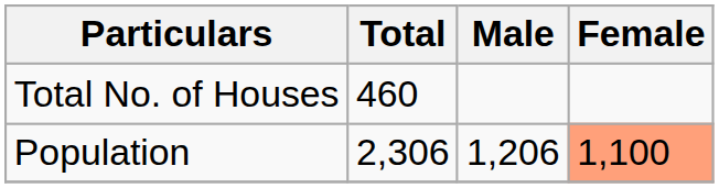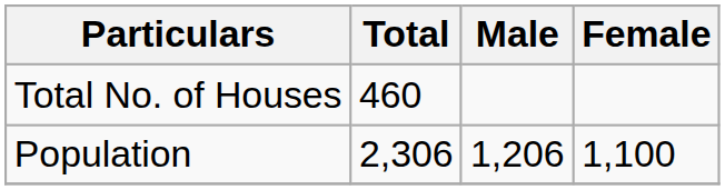 <table class="wikitable sortable">
 <tr>
 <th>Particulars</th>
 <th>Total</th>
 <th>Male</th>
 <th>Female</th>
 </tr>
 <tr>
 <td>Total No. of Houses</td>
 <td>460</td>
 <td></td>
 <td></td>
 </tr>
 <tr>
 <td>Population</td>
 <td>2,306</td>
 <td>1,206</td>
-<td style="background: lightsalmon;">1,100</td>
+<td>1,100</td>
 </tr>
 <tr>
 </tr>
 </table>
